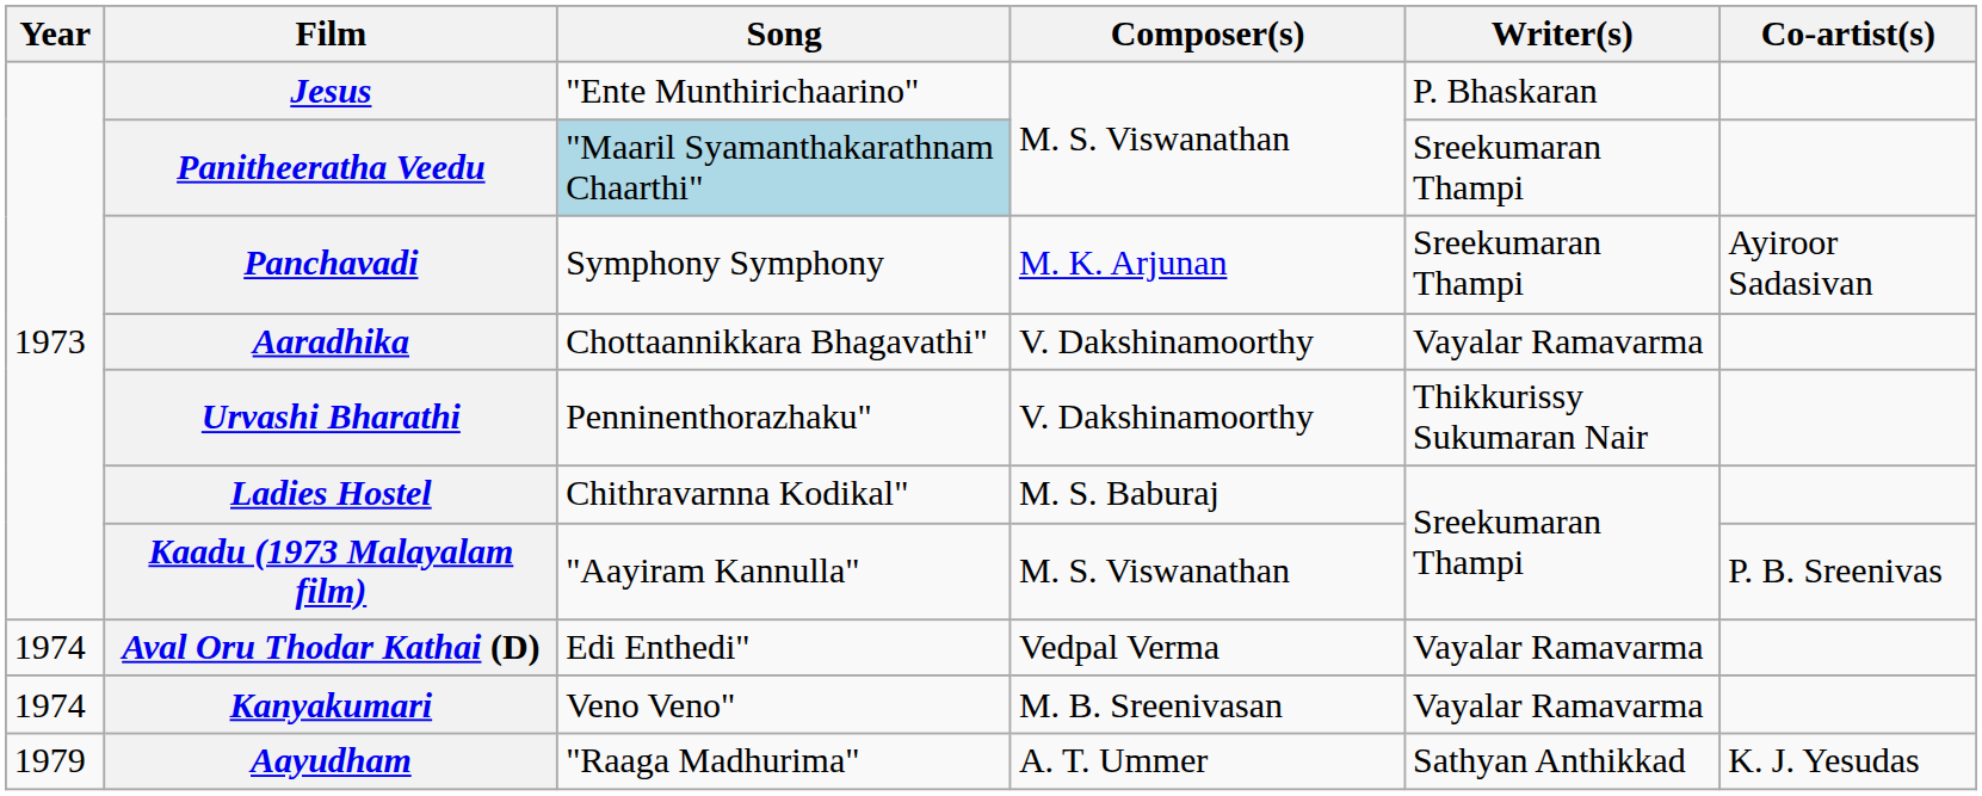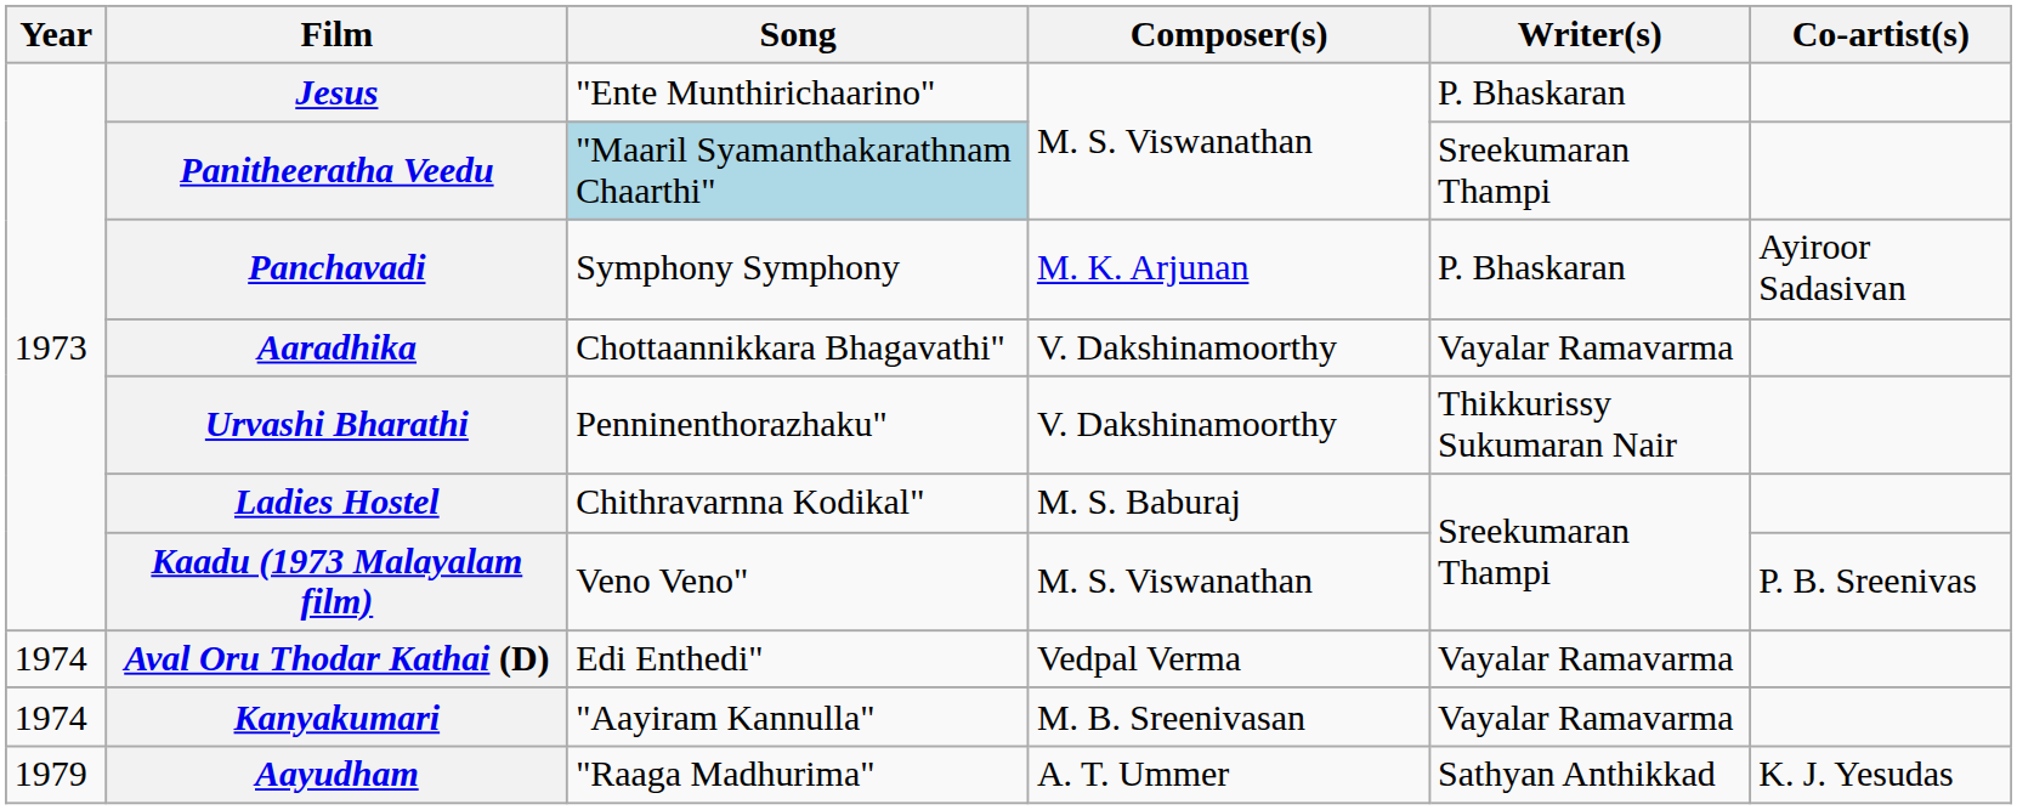 <table class="wikitable plainrowheaders" width="100%" textcolor:#000;">
 <tr style="background:#b0e0e66;">
 <th scope="col" width=5%><strong>Year</strong></th>
 <th scope="col" width=23%><strong>Film</strong></th>
 <th scope="col" width=23%><strong>Song</strong></th>
 <th scope="col" width=20%><strong>Composer(s)</strong></th>
 <th scope="col" width=16%><strong>Writer(s)</strong></th>
 <th scope="col" width=18%><strong>Co-artist(s)</strong></th>
 </tr>
 <tr>
 <td rowspan=7>1973</td>
 <th><em><a href='#'>Jesus</a></em></th>
 <td>"Ente Munthirichaarino"</td>
 <td rowspan=2>M. S. Viswanathan</td>
 <td>P. Bhaskaran</td>
 <td></td>
 </tr>
 <tr>
 <th><em><a href='#'>Panitheeratha Veedu</a></em></th>
 <td style="background: lightblue;">"Maaril Syamanthakarathnam Chaarthi"</td>
 <td>Sreekumaran Thampi</td>
 <td></td>
 </tr>
 <tr>
 <th><em><a href='#'>Panchavadi</a></em></th>
 <td>Symphony Symphony</td>
 <td><a href='#'>M. K. Arjunan</a></td>
-<td>Sreekumaran Thampi</td>
+<td>P. Bhaskaran</td>
 <td>Ayiroor Sadasivan</td>
 </tr>
 <tr>
 <th><em><a href='#'>Aaradhika</a></em></th>
 <td>Chottaannikkara Bhagavathi"</td>
 <td>V. Dakshinamoorthy</td>
 <td>Vayalar Ramavarma</td>
 <td></td>
 </tr>
 <tr>
 <th><em><a href='#'>Urvashi Bharathi</a></em></th>
 <td>Penninenthorazhaku"</td>
 <td>V. Dakshinamoorthy</td>
 <td>Thikkurissy Sukumaran Nair</td>
 <td></td>
 </tr>
 <tr>
 <th><em><a href='#'>Ladies Hostel</a></em></th>
 <td>Chithravarnna Kodikal"</td>
 <td>M. S. Baburaj</td>
 <td rowspan=2>Sreekumaran Thampi</td>
 <td></td>
 </tr>
 <tr>
 <th><em><a href='#'>Kaadu (1973 Malayalam film)</a></em></th>
-<td>"Aayiram Kannulla"</td>
+<td>Veno Veno"</td>
 <td>M. S. Viswanathan</td>
 <td>P. B. Sreenivas</td>
 </tr>
 <tr>
 <td>1974</td>
 <th><em><a href='#'>Aval Oru Thodar Kathai</a></em> (D)</th>
 <td>Edi Enthedi"</td>
 <td>Vedpal Verma</td>
 <td>Vayalar Ramavarma</td>
 <td></td>
 </tr>
 <tr>
 <td>1974</td>
 <th><em><a href='#'>Kanyakumari</a></em></th>
-<td>Veno Veno"</td>
+<td>"Aayiram Kannulla"</td>
 <td>M. B. Sreenivasan</td>
 <td>Vayalar Ramavarma</td>
 <td></td>
 </tr>
 <tr>
 <td>1979</td>
 <th><em><a href='#'>Aayudham</a></em></th>
 <td>"Raaga Madhurima"</td>
 <td>A. T. Ummer</td>
 <td>Sathyan Anthikkad</td>
 <td>K. J. Yesudas</td>
 </tr>
 </table>
